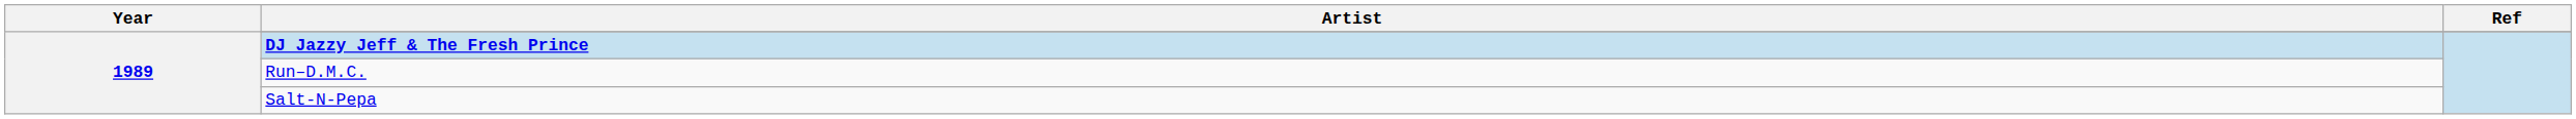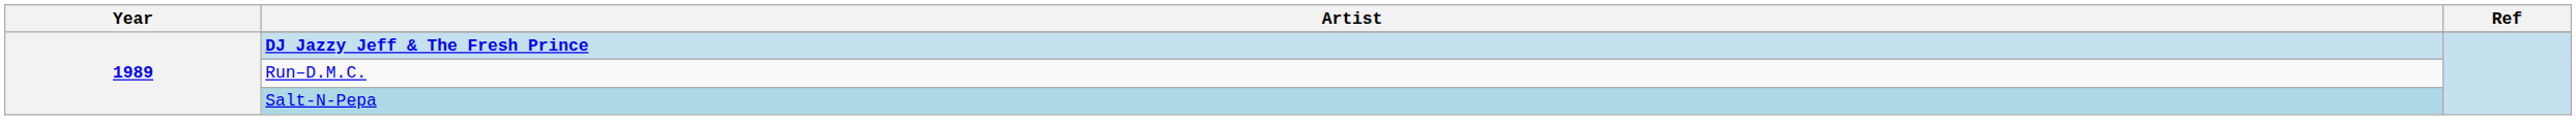 <table class="wikitable" width="100%">
 <tr>
 <th width="10%">Year</th>
 <th width="85%">Artist</th>
 <th width="5%">Ref</th>
 </tr>
 <tr>
 <th rowspan="4" align="center"><a href='#'>1989<br></a></th>
 </tr>
 <tr style="background:#c5e1f0">
 <td><strong><a href='#'>DJ Jazzy Jeff & The Fresh Prince</a></strong></td>
 <td rowspan="4" align="center"></td>
 </tr>
 <tr>
 <td><a href='#'>Run–D.M.C.</a></td>
 </tr>
 <tr>
-<td><a href='#'>Salt-N-Pepa</a></td>
+<td style="background: lightblue;"><a href='#'>Salt-N-Pepa</a></td>
 </tr>
 </table>
